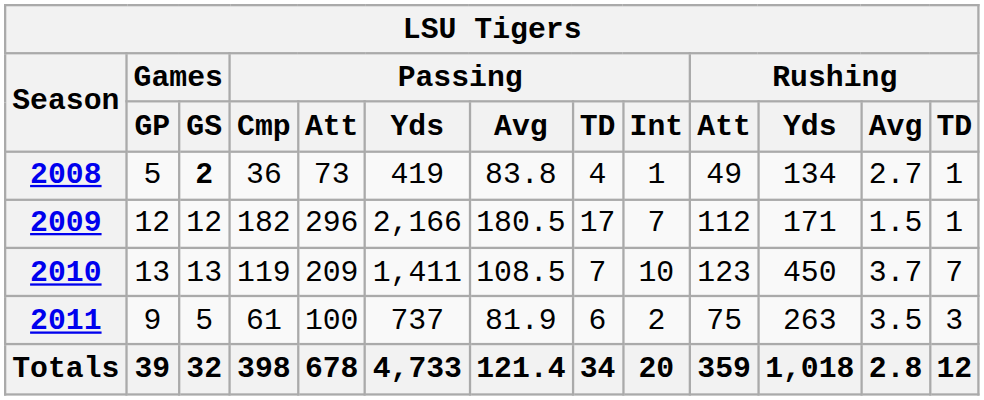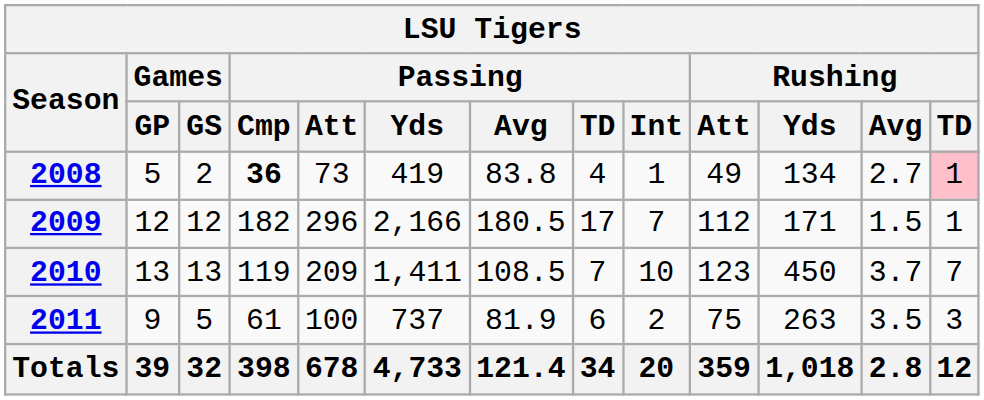 <table class="wikitable" style="text-align:center;">
 <tr>
 <th colspan="15">LSU Tigers</th>
 </tr>
 <tr>
 <th rowspan="2">Season</th>
 <th colspan="2">Games</th>
 <th colspan="6">Passing</th>
 <th colspan="4">Rushing</th>
 </tr>
 <tr>
 <th>GP</th>
 <th>GS</th>
 <th>Cmp</th>
 <th>Att</th>
 <th>Yds</th>
 <th>Avg</th>
 <th>TD</th>
 <th>Int</th>
 <th>Att</th>
 <th>Yds</th>
 <th>Avg</th>
 <th>TD</th>
 </tr>
 <tr>
 <th><a href='#'>2008</a></th>
 <td>5</td>
-<td><strong>2</strong></td>
-<td>36</td>
+<td>2</td>
+<td><strong>36</strong></td>
 <td>73</td>
 <td>419</td>
 <td>83.8</td>
 <td>4</td>
 <td>1</td>
 <td>49</td>
 <td>134</td>
 <td>2.7</td>
-<td>1</td>
+<td style="background: pink;">1</td>
 </tr>
 <tr>
 <th><a href='#'>2009</a></th>
 <td>12</td>
 <td>12</td>
 <td>182</td>
 <td>296</td>
 <td>2,166</td>
 <td>180.5</td>
 <td>17</td>
 <td>7</td>
 <td>112</td>
 <td>171</td>
 <td>1.5</td>
 <td>1</td>
 </tr>
 <tr>
 <th><a href='#'>2010</a></th>
 <td>13</td>
 <td>13</td>
 <td>119</td>
 <td>209</td>
 <td>1,411</td>
 <td>108.5</td>
 <td>7</td>
 <td>10</td>
 <td>123</td>
 <td>450</td>
 <td>3.7</td>
 <td>7</td>
 </tr>
 <tr>
 <th><a href='#'>2011</a></th>
 <td>9</td>
 <td>5</td>
 <td>61</td>
 <td>100</td>
 <td>737</td>
 <td>81.9</td>
 <td>6</td>
 <td>2</td>
 <td>75</td>
 <td>263</td>
 <td>3.5</td>
 <td>3</td>
 </tr>
 <tr>
 <th>Totals</th>
 <th>39</th>
 <th>32</th>
 <th>398</th>
 <th>678</th>
 <th>4,733</th>
 <th>121.4</th>
 <th>34</th>
 <th>20</th>
 <th>359</th>
 <th>1,018</th>
 <th>2.8</th>
 <th>12</th>
 </tr>
 </table>
